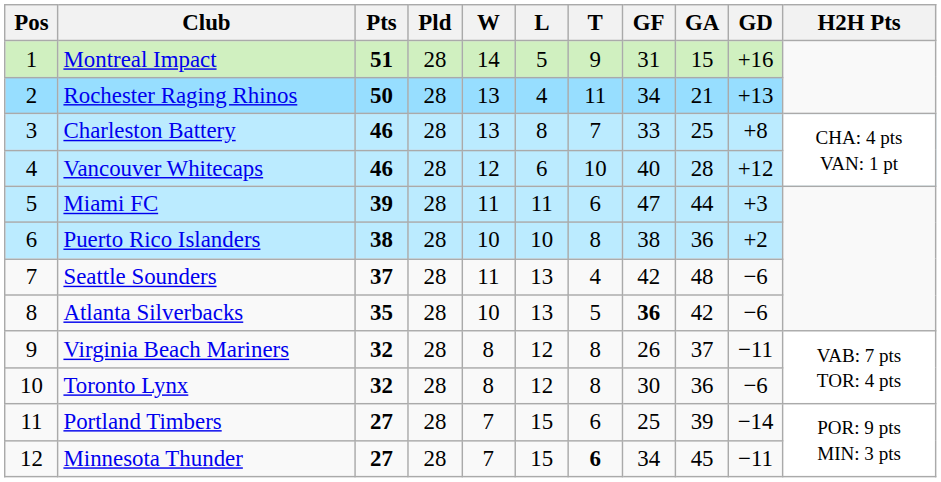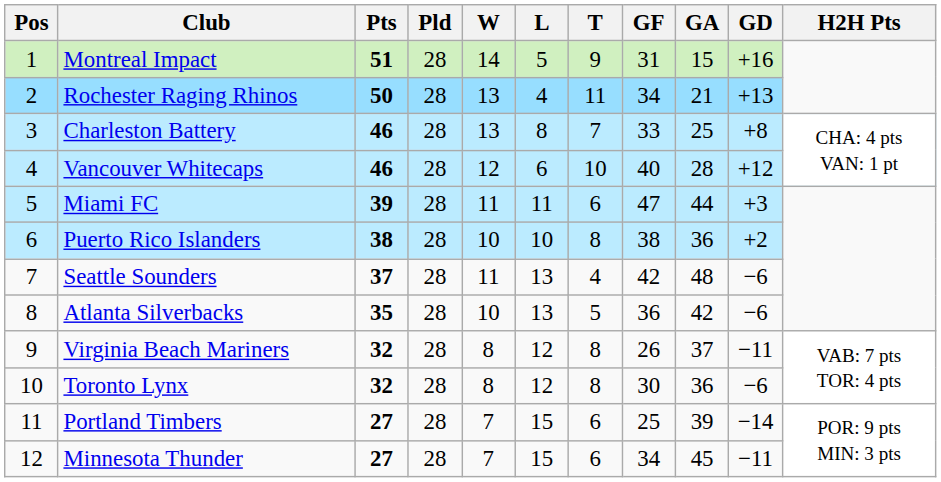 <table class="wikitable" style="text-align:center">
 <tr>
 <th width=30>Pos</th>
 <th width=200>Club</th>
 <th width=30>Pts</th>
 <th width=30>Pld</th>
 <th width=30>W</th>
 <th width=30>L</th>
 <th width=30>T</th>
 <th width=30>GF</th>
 <th width=30>GA</th>
 <th width=30>GD</th>
 <th width=100>H2H Pts</th>
 </tr>
 <tr bgcolor=#D0F0C0>
 <td>1</td>
 <td align=left><a href='#'>Montreal Impact</a></td>
 <td><strong>51</strong></td>
 <td>28</td>
 <td>14</td>
 <td>5</td>
 <td>9</td>
 <td>31</td>
 <td>15</td>
 <td>+16</td>
 </tr>
 <tr bgcolor=#97DEFF>
 <td>2</td>
 <td align=left><a href='#'>Rochester Raging Rhinos</a></td>
 <td><strong>50</strong></td>
 <td>28</td>
 <td>13</td>
 <td>4</td>
 <td>11</td>
 <td>34</td>
 <td>21</td>
 <td>+13</td>
 </tr>
 <tr bgcolor=#BBEBFF>
 <td>3</td>
 <td align=left><a href='#'>Charleston Battery</a></td>
 <td><strong>46</strong></td>
 <td>28</td>
 <td>13</td>
 <td>8</td>
 <td>7</td>
 <td>33</td>
 <td>25</td>
 <td>+8</td>
 <td rowspan="2" bgcolor="FFFFFF"><small>CHA: 4 pts<br>VAN: 1 pt</small></td>
 </tr>
 <tr bgcolor=#BBEBFF>
 <td>4</td>
 <td align=left><a href='#'>Vancouver Whitecaps</a></td>
 <td><strong>46</strong></td>
 <td>28</td>
 <td>12</td>
 <td>6</td>
 <td>10</td>
 <td>40</td>
 <td>28</td>
 <td>+12</td>
 </tr>
 <tr bgcolor=#BBEBFF>
 <td>5</td>
 <td align=left><a href='#'>Miami FC</a></td>
 <td><strong>39</strong></td>
 <td>28</td>
 <td>11</td>
 <td>11</td>
 <td>6</td>
 <td>47</td>
 <td>44</td>
 <td>+3</td>
 </tr>
 <tr bgcolor=#BBEBFF>
 <td>6</td>
 <td align=left><a href='#'>Puerto Rico Islanders</a></td>
 <td><strong>38</strong></td>
 <td>28</td>
 <td>10</td>
 <td>10</td>
 <td>8</td>
 <td>38</td>
 <td>36</td>
 <td>+2</td>
 </tr>
 <tr>
 <td>7</td>
 <td align=left><a href='#'>Seattle Sounders</a></td>
 <td><strong>37</strong></td>
 <td>28</td>
 <td>11</td>
 <td>13</td>
 <td>4</td>
 <td>42</td>
 <td>48</td>
 <td>−6</td>
 </tr>
 <tr>
 <td>8</td>
 <td align=left><a href='#'>Atlanta Silverbacks</a></td>
 <td><strong>35</strong></td>
 <td>28</td>
 <td>10</td>
 <td>13</td>
 <td>5</td>
-<td><strong>36</strong></td>
+<td>36</td>
 <td>42</td>
 <td>−6</td>
 </tr>
 <tr>
 <td>9</td>
 <td align=left><a href='#'>Virginia Beach Mariners</a></td>
 <td><strong>32</strong></td>
 <td>28</td>
 <td>8</td>
 <td>12</td>
 <td>8</td>
 <td>26</td>
 <td>37</td>
 <td>−11</td>
 <td rowspan="2" bgcolor="FFFFFF"><small>VAB: 7 pts<br>TOR: 4 pts</small></td>
 </tr>
 <tr>
 <td>10</td>
 <td align=left><a href='#'>Toronto Lynx</a></td>
 <td><strong>32</strong></td>
 <td>28</td>
 <td>8</td>
 <td>12</td>
 <td>8</td>
 <td>30</td>
 <td>36</td>
 <td>−6</td>
 </tr>
 <tr>
 <td>11</td>
 <td align=left><a href='#'>Portland Timbers</a></td>
 <td><strong>27</strong></td>
 <td>28</td>
 <td>7</td>
 <td>15</td>
 <td>6</td>
 <td>25</td>
 <td>39</td>
 <td>−14</td>
 <td rowspan="2" bgcolor="FFFFFF"><small>POR: 9 pts<br>MIN: 3 pts</small></td>
 </tr>
 <tr>
 <td>12</td>
 <td align=left><a href='#'>Minnesota Thunder</a></td>
 <td><strong>27</strong></td>
 <td>28</td>
 <td>7</td>
 <td>15</td>
-<td><strong>6</strong></td>
+<td>6</td>
 <td>34</td>
 <td>45</td>
 <td>−11</td>
 </tr>
 </table>
